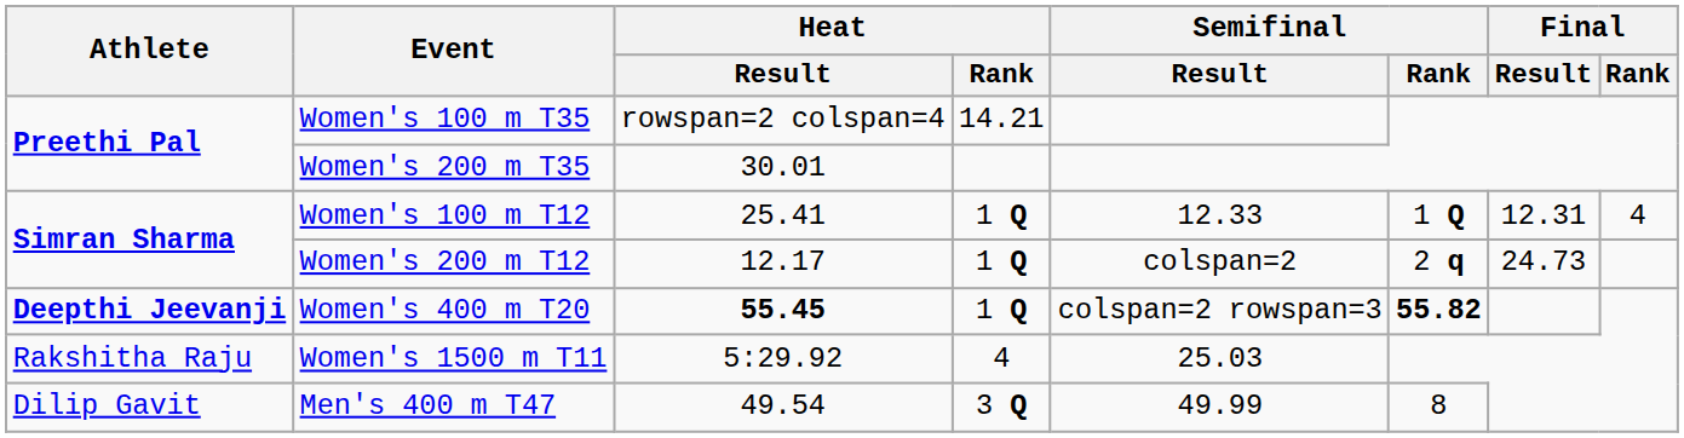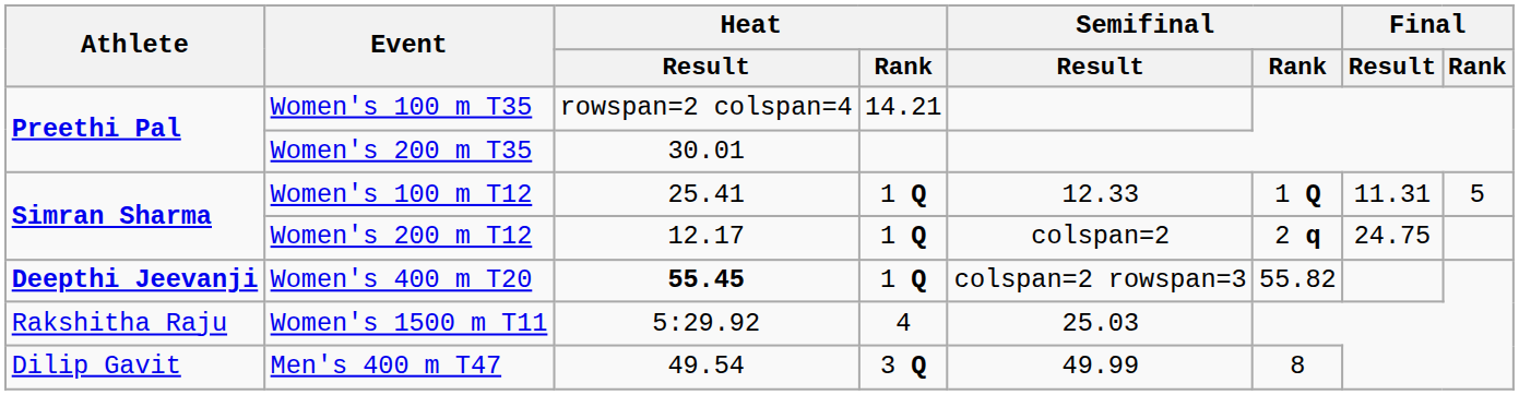 <table class="wikitable" style="font-size:90%">
 <tr>
 <th rowspan="2">Athlete</th>
 <th rowspan="2">Event</th>
 <th colspan="2">Heat</th>
 <th colspan="2">Semifinal</th>
 <th colspan="2">Final</th>
 </tr>
 <tr style="font-size:95%">
 <th>Result</th>
 <th>Rank</th>
 <th>Result</th>
 <th>Rank</th>
 <th>Result</th>
 <th>Rank</th>
 </tr>
 <tr align=center>
 <td rowspan="2" align=left><strong><a href='#'>Preethi Pal</a></strong></td>
 <td align=left><a href='#'>Women's 100 m T35</a></td>
 <td>rowspan=2 colspan=4 </td>
 <td>14.21 <strong></strong></td>
 <td></td>
 </tr>
 <tr align=center>
 <td align=left><a href='#'>Women's 200 m T35</a></td>
 <td>30.01 <strong></strong></td>
 <td></td>
 </tr>
 <tr align=center>
 <td rowspan="2" align=left><strong><a href='#'>Simran Sharma</a></strong></td>
 <td align=left><a href='#'>Women's 100 m T12</a></td>
 <td>25.41</td>
 <td>1 <strong>Q</strong> <strong></strong></td>
 <td>12.33</td>
 <td>1 <strong>Q</strong></td>
-<td>12.31</td>
-<td>4</td>
+<td>11.31</td>
+<td>5</td>
 </tr>
 <tr align=center>
 <td align=left><a href='#'>Women's 200 m T12</a></td>
 <td>12.17</td>
 <td>1 <strong>Q</strong></td>
 <td>colspan=2 </td>
 <td>2 <strong>q</strong></td>
-<td>24.73 <strong></strong></td>
+<td>24.75 <strong></strong></td>
 <td></td>
 </tr>
 <tr align=center>
 <td align=left><strong><a href='#'>Deepthi Jeevanji</a></strong></td>
 <td align=left><a href='#'>Women's 400 m T20</a></td>
 <td><strong>55.45</strong></td>
 <td>1 <strong>Q</strong></td>
 <td>colspan=2 rowspan=3 </td>
-<td><strong>55.82</strong></td>
+<td>55.82</td>
 <td></td>
 </tr>
 <tr align=center>
 <td align=left><a href='#'>Rakshitha Raju</a></td>
 <td align=left><a href='#'>Women's 1500 m T11</a></td>
 <td>5:29.92</td>
 <td>4</td>
 <td>25.03</td>
 </tr>
 <tr align=center>
 <td align=left><a href='#'>Dilip Gavit</a></td>
 <td align=left><a href='#'>Men's 400 m T47</a></td>
 <td>49.54</td>
 <td>3 <strong>Q</strong> <strong></strong></td>
 <td>49.99</td>
 <td>8</td>
 </tr>
 </table>
